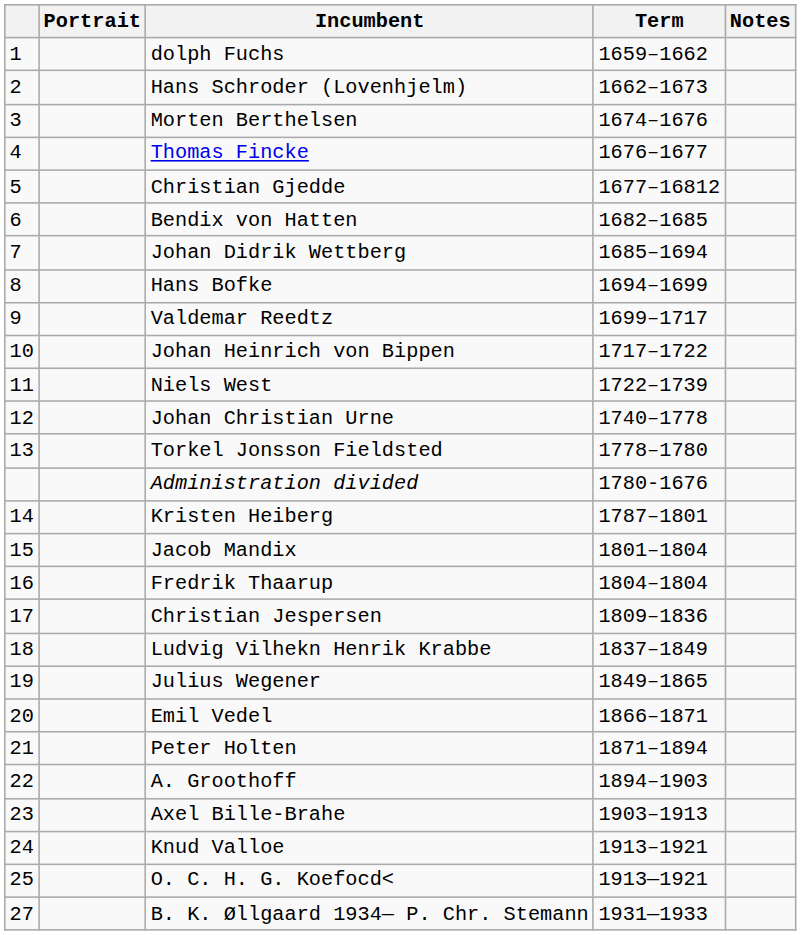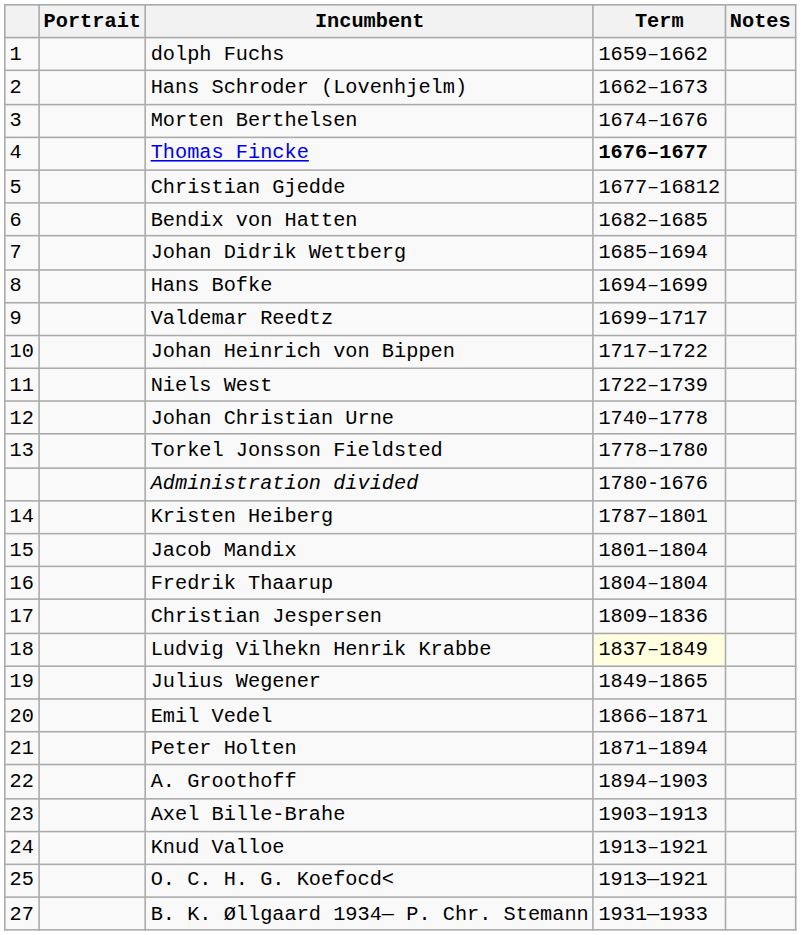 <table class="wikitable">
 <tr style="background:#CCCCCC">
 <th></th>
 <th>Portrait</th>
 <th>Incumbent</th>
 <th>Term</th>
 <th>Notes</th>
 </tr>
 <tr>
 <td>1</td>
 <td></td>
 <td valign="top">dolph Fuchs<br></td>
 <td>1659–1662</td>
 <td></td>
 </tr>
 <tr>
 <td>2</td>
 <td></td>
 <td valign="top">Hans Schroder (Lovenhjelm)</td>
 <td>1662–1673</td>
 <td></td>
 </tr>
 <tr>
 <td>3</td>
 <td></td>
 <td>Morten Berthelsen</td>
 <td>1674–1676</td>
 <td></td>
 </tr>
 <tr>
 <td>4</td>
 <td></td>
 <td><a href='#'>Thomas Fincke</a></td>
-<td>1676–1677</td>
+<td><strong>1676–1677</strong></td>
 <td><br></td>
 </tr>
 <tr>
 <td>5</td>
 <td></td>
 <td>Christian Gjedde</td>
 <td>1677–16812<br></td>
 <td></td>
 </tr>
 <tr>
 <td>6</td>
 <td></td>
 <td>Bendix von Hatten</td>
 <td>1682–1685</td>
 <td></td>
 </tr>
 <tr>
 <td>7</td>
 <td></td>
 <td>Johan Didrik Wettberg</td>
 <td>1685–1694</td>
 <td></td>
 </tr>
 <tr>
 <td>8</td>
 <td></td>
 <td>Hans Bofke</td>
 <td>1694–1699</td>
 <td></td>
 </tr>
 <tr>
 <td>9</td>
 <td></td>
 <td>Valdemar Reedtz</td>
 <td>1699–1717</td>
 <td></td>
 </tr>
 <tr>
 <td>10</td>
 <td></td>
 <td>Johan Heinrich von Bippen</td>
 <td>1717–1722</td>
 </tr>
 <tr>
 <td>11</td>
 <td></td>
 <td>Niels West</td>
 <td>1722–1739</td>
 <td></td>
 </tr>
 <tr>
 <td>12</td>
 <td></td>
 <td>Johan Christian Urne</td>
 <td>1740–1778</td>
 </tr>
 <tr>
 <td>13</td>
 <td></td>
 <td>Torkel Jonsson Fieldsted</td>
 <td>1778–1780</td>
 <td></td>
 </tr>
 <tr>
 <td></td>
 <td></td>
 <td><em>Administration divided</em></td>
 <td>1780-1676<br></td>
 </tr>
 <tr>
 <td>14</td>
 <td></td>
 <td>Kristen Heiberg</td>
 <td>1787–1801</td>
 <td></td>
 </tr>
 <tr>
 <td>15</td>
 <td></td>
 <td>Jacob Mandix</td>
 <td>1801–1804</td>
 <td></td>
 </tr>
 <tr>
 <td>16</td>
 <td></td>
 <td>Fredrik Thaarup</td>
 <td>1804–1804<br></td>
 <td></td>
 </tr>
 <tr>
 <td>17</td>
 <td></td>
 <td>Christian Jespersen</td>
 <td>1809–1836</td>
 <td></td>
 </tr>
 <tr>
 <td>18</td>
 <td></td>
 <td>Ludvig Vilhekn Henrik Krabbe</td>
-<td>1837–1849</td>
+<td style="background: lightyellow;">1837–1849</td>
 <td></td>
 </tr>
 <tr>
 <td>19</td>
 <td></td>
 <td>Julius Wegener</td>
 <td>1849–1865</td>
 <td></td>
 </tr>
 <tr>
 <td>20</td>
 <td></td>
 <td>Emil Vedel</td>
 <td>1866–1871</td>
 <td></td>
 </tr>
 <tr>
 <td>21</td>
 <td></td>
 <td>Peter Holten</td>
 <td>1871–1894</td>
 <td></td>
 </tr>
 <tr>
 <td>22</td>
 <td></td>
 <td>A. Groothoff</td>
 <td>1894–1903</td>
 <td></td>
 </tr>
 <tr>
 <td>23</td>
 <td></td>
 <td>Axel Bille-Brahe</td>
 <td>1903–1913</td>
 <td></td>
 </tr>
 <tr>
 <td>24</td>
 <td></td>
 <td>Knud Valloe</td>
 <td>1913–1921</td>
 <td></td>
 </tr>
 <tr>
 <td>25</td>
 <td></td>
 <td>O. C. H. G. Koefocd<<br></td>
 <td>1913—1921<br></td>
 <td></td>
 </tr>
 <tr>
 <td>27</td>
 <td></td>
 <td>B. K. Øllgaard 1934— P. Chr. Stemann</td>
 <td>1931—1933</td>
 </tr>
 </table>
